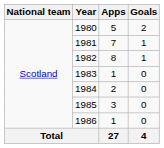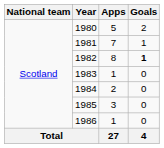 <table class="wikitable" style="text-align:center">
 <tr>
 <th>National team</th>
 <th>Year</th>
 <th>Apps</th>
 <th>Goals</th>
 </tr>
 <tr>
 <td rowspan="7"><a href='#'>Scotland</a></td>
 <td>1980</td>
 <td>5</td>
 <td>2</td>
 </tr>
 <tr>
 <td>1981</td>
 <td>7</td>
 <td>1</td>
 </tr>
 <tr>
 <td>1982</td>
 <td>8</td>
-<td>1</td>
+<td><strong>1</strong></td>
 </tr>
 <tr>
 <td>1983</td>
 <td>1</td>
 <td>0</td>
 </tr>
 <tr>
 <td>1984</td>
 <td>2</td>
 <td>0</td>
 </tr>
 <tr>
 <td>1985</td>
 <td>3</td>
 <td>0</td>
 </tr>
 <tr>
 <td>1986</td>
 <td>1</td>
 <td>0</td>
 </tr>
 <tr>
 <th colspan="2">Total</th>
 <th>27</th>
 <th>4</th>
 </tr>
 </table>
